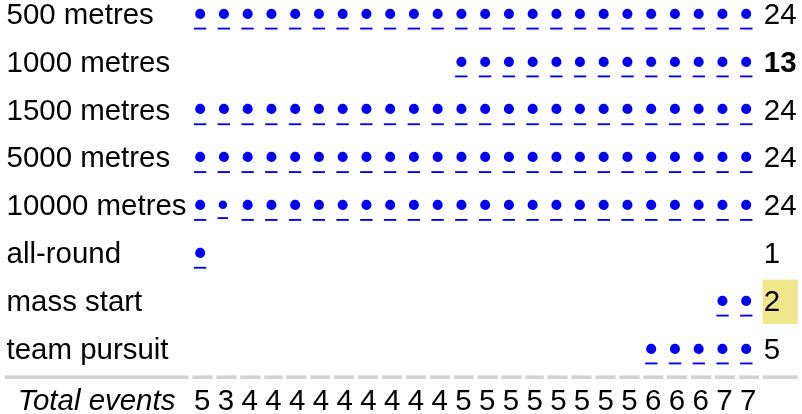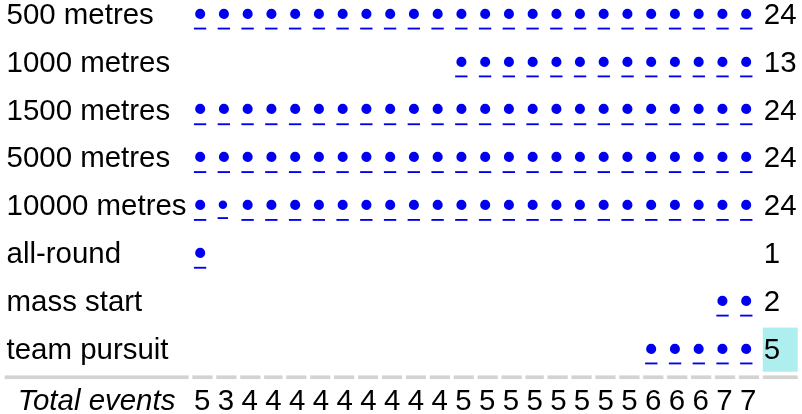 <table>
 <tr>
 <td align=left>500 metres</td>
 <td><big><strong><a href='#'>•</a></strong></big></td>
 <td><big><strong><a href='#'>•</a></strong></big></td>
 <td><big><strong><a href='#'>•</a></strong></big></td>
 <td><big><strong><a href='#'>•</a></strong></big></td>
 <td><big><strong><a href='#'>•</a></strong></big></td>
 <td><big><strong><a href='#'>•</a></strong></big></td>
 <td><big><strong><a href='#'>•</a></strong></big></td>
 <td><big><strong><a href='#'>•</a></strong></big></td>
 <td><big><strong><a href='#'>•</a></strong></big></td>
 <td><big><strong><a href='#'>•</a></strong></big></td>
 <td><big><strong><a href='#'>•</a></strong></big></td>
 <td><big><strong><a href='#'>•</a></strong></big></td>
 <td><big><strong><a href='#'>•</a></strong></big></td>
 <td><big><strong><a href='#'>•</a></strong></big></td>
 <td><big><strong><a href='#'>•</a></strong></big></td>
 <td><big><strong><a href='#'>•</a></strong></big></td>
 <td><big><strong><a href='#'>•</a></strong></big></td>
 <td><big><strong><a href='#'>•</a></strong></big></td>
 <td><big><strong><a href='#'>•</a></strong></big></td>
 <td><big><strong><a href='#'>•</a></strong></big></td>
 <td><big><strong><a href='#'>•</a></strong></big></td>
 <td><big><strong><a href='#'>•</a></strong></big></td>
 <td><big><strong><a href='#'>•</a></strong></big></td>
 <td><big><strong><a href='#'>•</a></strong></big></td>
 <td>24</td>
 </tr>
 <tr>
 <td align=left>1000 metres</td>
 <td></td>
 <td></td>
 <td></td>
 <td></td>
 <td></td>
 <td></td>
 <td></td>
 <td></td>
 <td></td>
 <td></td>
 <td></td>
 <td><big><strong><a href='#'>•</a></strong></big></td>
 <td><big><strong><a href='#'>•</a></strong></big></td>
 <td><big><strong><a href='#'>•</a></strong></big></td>
 <td><big><strong><a href='#'>•</a></strong></big></td>
 <td><big><strong><a href='#'>•</a></strong></big></td>
 <td><big><strong><a href='#'>•</a></strong></big></td>
 <td><big><strong><a href='#'>•</a></strong></big></td>
 <td><big><strong><a href='#'>•</a></strong></big></td>
 <td><big><strong><a href='#'>•</a></strong></big></td>
 <td><big><strong><a href='#'>•</a></strong></big></td>
 <td><big><strong><a href='#'>•</a></strong></big></td>
 <td><big><strong><a href='#'>•</a></strong></big></td>
 <td><big><strong><a href='#'>•</a></strong></big></td>
-<td><strong>13</strong></td>
+<td>13</td>
 </tr>
 <tr>
 <td align=left>1500 metres</td>
 <td><big><strong><a href='#'>•</a></strong></big></td>
 <td><big><strong><a href='#'>•</a></strong></big></td>
 <td><big><strong><a href='#'>•</a></strong></big></td>
 <td><big><strong><a href='#'>•</a></strong></big></td>
 <td><big><strong><a href='#'>•</a></strong></big></td>
 <td><big><strong><a href='#'>•</a></strong></big></td>
 <td><big><strong><a href='#'>•</a></strong></big></td>
 <td><big><strong><a href='#'>•</a></strong></big></td>
 <td><big><strong><a href='#'>•</a></strong></big></td>
 <td><big><strong><a href='#'>•</a></strong></big></td>
 <td><big><strong><a href='#'>•</a></strong></big></td>
 <td><big><strong><a href='#'>•</a></strong></big></td>
 <td><big><strong><a href='#'>•</a></strong></big></td>
 <td><big><strong><a href='#'>•</a></strong></big></td>
 <td><big><strong><a href='#'>•</a></strong></big></td>
 <td><big><strong><a href='#'>•</a></strong></big></td>
 <td><big><strong><a href='#'>•</a></strong></big></td>
 <td><big><strong><a href='#'>•</a></strong></big></td>
 <td><big><strong><a href='#'>•</a></strong></big></td>
 <td><big><strong><a href='#'>•</a></strong></big></td>
 <td><big><strong><a href='#'>•</a></strong></big></td>
 <td><big><strong><a href='#'>•</a></strong></big></td>
 <td><big><strong><a href='#'>•</a></strong></big></td>
 <td><big><strong><a href='#'>•</a></strong></big></td>
 <td>24</td>
 </tr>
 <tr>
 <td align=left>5000 metres</td>
 <td><big><strong><a href='#'>•</a></strong></big></td>
 <td><big><strong><a href='#'>•</a></strong></big></td>
 <td><big><strong><a href='#'>•</a></strong></big></td>
 <td><big><strong><a href='#'>•</a></strong></big></td>
 <td><big><strong><a href='#'>•</a></strong></big></td>
 <td><big><strong><a href='#'>•</a></strong></big></td>
 <td><big><strong><a href='#'>•</a></strong></big></td>
 <td><big><strong><a href='#'>•</a></strong></big></td>
 <td><big><strong><a href='#'>•</a></strong></big></td>
 <td><big><strong><a href='#'>•</a></strong></big></td>
 <td><big><strong><a href='#'>•</a></strong></big></td>
 <td><big><strong><a href='#'>•</a></strong></big></td>
 <td><big><strong><a href='#'>•</a></strong></big></td>
 <td><big><strong><a href='#'>•</a></strong></big></td>
 <td><big><strong><a href='#'>•</a></strong></big></td>
 <td><big><strong><a href='#'>•</a></strong></big></td>
 <td><big><strong><a href='#'>•</a></strong></big></td>
 <td><big><strong><a href='#'>•</a></strong></big></td>
 <td><big><strong><a href='#'>•</a></strong></big></td>
 <td><big><strong><a href='#'>•</a></strong></big></td>
 <td><big><strong><a href='#'>•</a></strong></big></td>
 <td><big><strong><a href='#'>•</a></strong></big></td>
 <td><big><strong><a href='#'>•</a></strong></big></td>
 <td><big><strong><a href='#'>•</a></strong></big></td>
 <td>24</td>
 </tr>
 <tr>
 <td align=left>10000 metres</td>
 <td><big><strong><a href='#'>•</a></strong></big></td>
 <td><strong><a href='#'>•</a></strong></td>
 <td><big><strong><a href='#'>•</a></strong></big></td>
 <td><big><strong><a href='#'>•</a></strong></big></td>
 <td><big><strong><a href='#'>•</a></strong></big></td>
 <td><big><strong><a href='#'>•</a></strong></big></td>
 <td><big><strong><a href='#'>•</a></strong></big></td>
 <td><big><strong><a href='#'>•</a></strong></big></td>
 <td><big><strong><a href='#'>•</a></strong></big></td>
 <td><big><strong><a href='#'>•</a></strong></big></td>
 <td><big><strong><a href='#'>•</a></strong></big></td>
 <td><big><strong><a href='#'>•</a></strong></big></td>
 <td><big><strong><a href='#'>•</a></strong></big></td>
 <td><big><strong><a href='#'>•</a></strong></big></td>
 <td><big><strong><a href='#'>•</a></strong></big></td>
 <td><big><strong><a href='#'>•</a></strong></big></td>
 <td><big><strong><a href='#'>•</a></strong></big></td>
 <td><big><strong><a href='#'>•</a></strong></big></td>
 <td><big><strong><a href='#'>•</a></strong></big></td>
 <td><big><strong><a href='#'>•</a></strong></big></td>
 <td><big><strong><a href='#'>•</a></strong></big></td>
 <td><big><strong><a href='#'>•</a></strong></big></td>
 <td><big><strong><a href='#'>•</a></strong></big></td>
 <td><big><strong><a href='#'>•</a></strong></big></td>
 <td>24</td>
 </tr>
 <tr>
 <td align=left>all-round</td>
 <td><big><strong><a href='#'>•</a></strong></big></td>
 <td></td>
 <td></td>
 <td></td>
 <td></td>
 <td></td>
 <td></td>
 <td></td>
 <td></td>
 <td></td>
 <td></td>
 <td></td>
 <td></td>
 <td></td>
 <td></td>
 <td></td>
 <td></td>
 <td></td>
 <td></td>
 <td></td>
 <td></td>
 <td></td>
 <td></td>
 <td></td>
 <td>1</td>
 </tr>
 <tr>
 <td align=left>mass start</td>
 <td></td>
 <td></td>
 <td></td>
 <td></td>
 <td></td>
 <td></td>
 <td></td>
 <td></td>
 <td></td>
 <td></td>
 <td></td>
 <td></td>
 <td></td>
 <td></td>
 <td></td>
 <td></td>
 <td></td>
 <td></td>
 <td></td>
 <td></td>
 <td></td>
 <td></td>
 <td><big><strong><a href='#'>•</a></strong></big></td>
 <td><big><strong><a href='#'>•</a></strong></big></td>
-<td style="background: khaki;">2</td>
+<td>2</td>
 </tr>
 <tr>
 <td align=left>team pursuit</td>
 <td></td>
 <td></td>
 <td></td>
 <td></td>
 <td></td>
 <td></td>
 <td></td>
 <td></td>
 <td></td>
 <td></td>
 <td></td>
 <td></td>
 <td></td>
 <td></td>
 <td></td>
 <td></td>
 <td></td>
 <td></td>
 <td></td>
 <td><big><strong><a href='#'>•</a></strong></big></td>
 <td><big><strong><a href='#'>•</a></strong></big></td>
 <td><big><strong><a href='#'>•</a></strong></big></td>
 <td><big><strong><a href='#'>•</a></strong></big></td>
 <td><big><strong><a href='#'>•</a></strong></big></td>
-<td>5</td>
+<td style="background: paleturquoise;">5</td>
 </tr>
 <tr bgcolor=lightgray>
 <td></td>
 <td></td>
 <td></td>
 <td></td>
 <td></td>
 <td></td>
 <td></td>
 <td></td>
 <td></td>
 <td></td>
 <td></td>
 <td></td>
 <td></td>
 <td></td>
 <td></td>
 <td></td>
 <td></td>
 <td></td>
 <td></td>
 <td></td>
 <td></td>
 <td></td>
 <td></td>
 <td></td>
 <td></td>
 <td></td>
 </tr>
 <tr>
 <td align=center><em>Total events</em></td>
 <td>5</td>
 <td>3</td>
 <td>4</td>
 <td>4</td>
 <td>4</td>
 <td>4</td>
 <td>4</td>
 <td>4</td>
 <td>4</td>
 <td>4</td>
 <td>4</td>
 <td>5</td>
 <td>5</td>
 <td>5</td>
 <td>5</td>
 <td>5</td>
 <td>5</td>
 <td>5</td>
 <td>5</td>
 <td>6</td>
 <td>6</td>
 <td>6</td>
 <td>7</td>
 <td>7</td>
 <td></td>
 </tr>
 </table>
